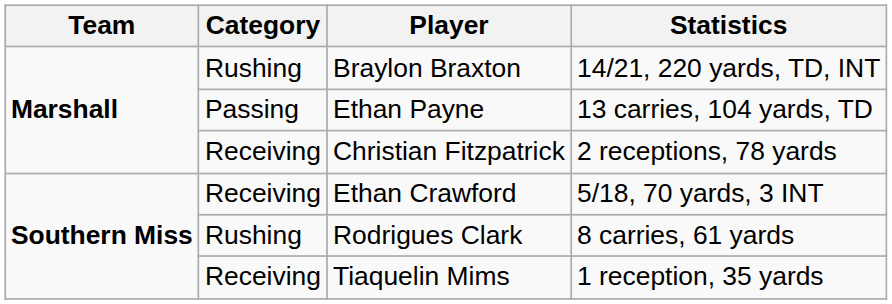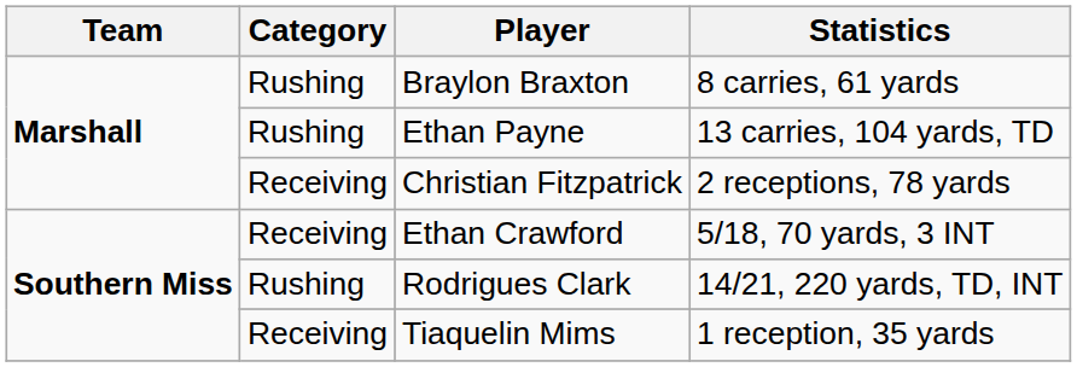 <table class="wikitable" style="float: right;">
 <tr>
 <th>Team</th>
 <th>Category</th>
 <th>Player</th>
 <th>Statistics</th>
 </tr>
 <tr>
 <td rowspan=3><strong>Marshall</strong></td>
 <td>Rushing</td>
 <td>Braylon Braxton</td>
-<td>14/21, 220 yards, TD, INT</td>
+<td>8 carries, 61 yards</td>
 </tr>
 <tr>
-<td>Passing</td>
+<td>Rushing</td>
 <td>Ethan Payne</td>
 <td>13 carries, 104 yards, TD</td>
 </tr>
 <tr>
 <td>Receiving</td>
 <td>Christian Fitzpatrick</td>
 <td>2 receptions, 78 yards</td>
 </tr>
 <tr>
 <td rowspan=3><strong>Southern Miss</strong></td>
 <td>Receiving</td>
 <td>Ethan Crawford</td>
 <td>5/18, 70 yards, 3 INT</td>
 </tr>
 <tr>
 <td>Rushing</td>
 <td>Rodrigues Clark</td>
-<td>8 carries, 61 yards</td>
+<td>14/21, 220 yards, TD, INT</td>
 </tr>
 <tr>
 <td>Receiving</td>
 <td>Tiaquelin Mims</td>
 <td>1 reception, 35 yards</td>
 </tr>
 </table>
